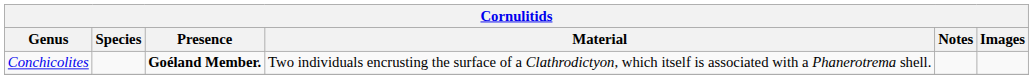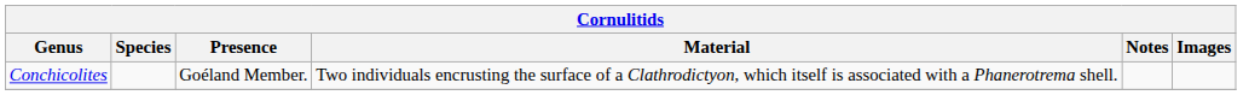 <table class="wikitable" align="center">
 <tr>
 <th colspan="6" align="center"><strong><a href='#'>Cornulitids</a></strong></th>
 </tr>
 <tr>
 <th>Genus</th>
 <th>Species</th>
 <th>Presence</th>
 <th><strong>Material</strong></th>
 <th>Notes</th>
 <th>Images</th>
 </tr>
 <tr>
 <td><em><a href='#'>Conchicolites</a></em></td>
 <td></td>
-<td><strong>Goéland Member.</strong></td>
+<td>Goéland Member.</td>
 <td>Two individuals encrusting the surface of a <em>Clathrodictyon</em>, which itself is associated with a <em>Phanerotrema</em> shell.</td>
 <td></td>
 <td></td>
 </tr>
 <tr>
 </tr>
 </table>
